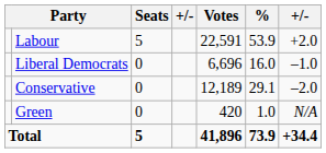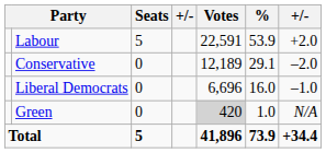 <table class="wikitable sortable">
 <tr>
 <th colspan="2">Party</th>
 <th>Seats</th>
 <th>+/-</th>
 <th>Votes</th>
 <th>%</th>
 <th>+/-</th>
 </tr>
 <tr>
 <td style="background-color: "></td>
 <td><a href='#'>Labour</a></td>
 <td>5</td>
 <td></td>
 <td style="text-align:right;">22,591</td>
 <td style="text-align:right;">53.9</td>
 <td style="text-align:right;">+2.0</td>
 </tr>
 <tr>
 <td style="background-color: "></td>
+<td><a href='#'>Conservative</a></td>
+<td>0</td>
+<td></td>
+<td style="text-align:right;">12,189</td>
+<td style="text-align:right;">29.1</td>
+<td style="text-align:right;">–2.0</td>
+</tr>
+<tr>
+<td style="background-color: "></td>
 <td><a href='#'>Liberal Democrats</a></td>
 <td>0</td>
 <td></td>
 <td style="text-align:right;">6,696</td>
 <td style="text-align:right;">16.0</td>
 <td style="text-align:right;">–1.0</td>
 </tr>
 <tr>
 <td style="background-color: "></td>
-<td><a href='#'>Conservative</a></td>
-<td>0</td>
-<td></td>
-<td style="text-align:right;">12,189</td>
-<td style="text-align:right;">29.1</td>
-<td style="text-align:right;">–2.0</td>
-</tr>
-<tr>
-<td style="background-color: "></td>
 <td><a href='#'>Green</a></td>
 <td>0</td>
 <td></td>
-<td style="text-align:right;">420</td>
+<td style="background: lightgrey; text-align:right;">420</td>
 <td style="text-align:right;">1.0</td>
 <td style="text-align:right;"><em>N/A</em></td>
 </tr>
 <tr>
 <td colspan="2"><strong>Total</strong></td>
 <td><strong>5</strong></td>
 <td></td>
 <td style="text-align:right;"><strong>41,896</strong></td>
 <td style="text-align:right;"><strong>73.9</strong></td>
 <td style="text-align:right;"><strong>+34.4</strong></td>
 </tr>
 </table>
